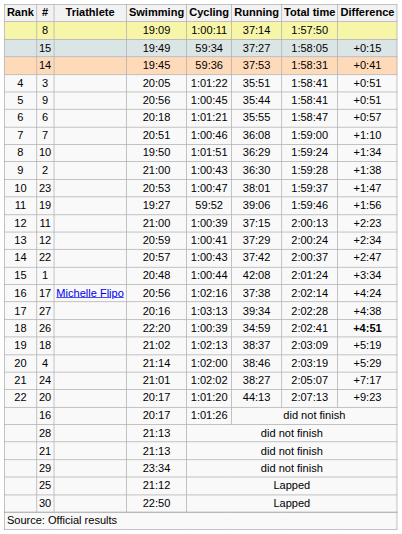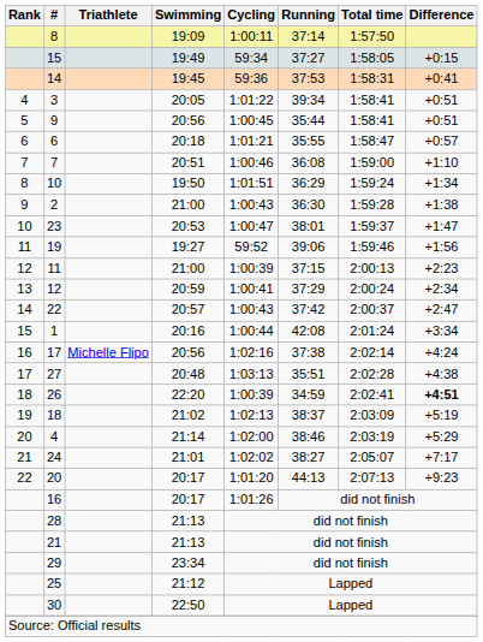 <table class="wikitable sortable" style="text-align:center">
 <tr>
 <th data-sort-type="number">Rank</th>
 <th>#</th>
 <th>Triathlete</th>
 <th>Swimming</th>
 <th>Cycling</th>
 <th>Running</th>
 <th>Total time</th>
 <th>Difference</th>
 </tr>
 <tr style="background:#F7F6A8;”">
 <td></td>
 <td>8</td>
 <td align=left></td>
 <td>19:09</td>
 <td>1:00:11</td>
 <td>37:14</td>
 <td>1:57:50</td>
 <td></td>
 </tr>
 <tr style="background:#DCE5E5;”">
 <td></td>
 <td>15</td>
 <td align=left></td>
 <td>19:49</td>
 <td>59:34</td>
 <td>37:27</td>
 <td>1:58:05</td>
 <td>+0:15</td>
 </tr>
 <tr style="background:#FFDAB9;">
 <td></td>
 <td>14</td>
 <td align=left></td>
 <td>19:45</td>
 <td>59:36</td>
 <td>37:53</td>
 <td>1:58:31</td>
 <td>+0:41</td>
 </tr>
 <tr>
 <td>4</td>
 <td>3</td>
 <td align=left></td>
 <td>20:05</td>
 <td>1:01:22</td>
-<td>35:51</td>
+<td>39:34</td>
 <td>1:58:41</td>
 <td>+0:51</td>
 </tr>
 <tr>
 <td>5</td>
 <td>9</td>
 <td align=left></td>
 <td>20:56</td>
 <td>1:00:45</td>
 <td>35:44</td>
 <td>1:58:41</td>
 <td>+0:51</td>
 </tr>
 <tr>
 <td>6</td>
 <td>6</td>
 <td align=left></td>
 <td>20:18</td>
 <td>1:01:21</td>
 <td>35:55</td>
 <td>1:58:47</td>
 <td>+0:57</td>
 </tr>
 <tr>
 <td>7</td>
 <td>7</td>
 <td align=left></td>
 <td>20:51</td>
 <td>1:00:46</td>
 <td>36:08</td>
 <td>1:59:00</td>
 <td>+1:10</td>
 </tr>
 <tr>
 <td>8</td>
 <td>10</td>
 <td align=left></td>
 <td>19:50</td>
 <td>1:01:51</td>
 <td>36:29</td>
 <td>1:59:24</td>
 <td>+1:34</td>
 </tr>
 <tr>
 <td>9</td>
 <td>2</td>
 <td align=left></td>
 <td>21:00</td>
 <td>1:00:43</td>
 <td>36:30</td>
 <td>1:59:28</td>
 <td>+1:38</td>
 </tr>
 <tr>
 <td>10</td>
 <td>23</td>
 <td align=left></td>
 <td>20:53</td>
 <td>1:00:47</td>
 <td>38:01</td>
 <td>1:59:37</td>
 <td>+1:47</td>
 </tr>
 <tr>
 <td>11</td>
 <td>19</td>
 <td align=left></td>
 <td>19:27</td>
 <td>59:52</td>
 <td>39:06</td>
 <td>1:59:46</td>
 <td>+1:56</td>
 </tr>
 <tr>
 <td>12</td>
 <td>11</td>
 <td align=left></td>
 <td>21:00</td>
 <td>1:00:39</td>
 <td>37:15</td>
 <td>2:00:13</td>
 <td>+2:23</td>
 </tr>
 <tr>
 <td>13</td>
 <td>12</td>
 <td align=left></td>
 <td>20:59</td>
 <td>1:00:41</td>
 <td>37:29</td>
 <td>2:00:24</td>
 <td>+2:34</td>
 </tr>
 <tr>
 <td>14</td>
 <td>22</td>
 <td align=left></td>
 <td>20:57</td>
 <td>1:00:43</td>
 <td>37:42</td>
 <td>2:00:37</td>
 <td>+2:47</td>
 </tr>
 <tr>
 <td>15</td>
 <td>1</td>
 <td align=left></td>
-<td>20:48</td>
+<td>20:16</td>
 <td>1:00:44</td>
 <td>42:08</td>
 <td>2:01:24</td>
 <td>+3:34</td>
 </tr>
 <tr>
 <td>16</td>
 <td>17</td>
 <td align=left><a href='#'>Michelle Flipo</a></td>
 <td>20:56</td>
 <td>1:02:16</td>
 <td>37:38</td>
 <td>2:02:14</td>
 <td>+4:24</td>
 </tr>
 <tr>
 <td>17</td>
 <td>27</td>
 <td align=left></td>
-<td>20:16</td>
+<td>20:48</td>
 <td>1:03:13</td>
-<td>39:34</td>
+<td>35:51</td>
 <td>2:02:28</td>
 <td>+4:38</td>
 </tr>
 <tr>
 <td>18</td>
 <td>26</td>
 <td align=left></td>
 <td>22:20</td>
 <td>1:00:39</td>
 <td>34:59</td>
 <td>2:02:41</td>
 <td><strong>+4:51</strong></td>
 </tr>
 <tr>
 <td>19</td>
 <td>18</td>
 <td align=left></td>
 <td>21:02</td>
 <td>1:02:13</td>
 <td>38:37</td>
 <td>2:03:09</td>
 <td>+5:19</td>
 </tr>
 <tr>
 <td>20</td>
 <td>4</td>
 <td align=left></td>
 <td>21:14</td>
 <td>1:02:00</td>
 <td>38:46</td>
 <td>2:03:19</td>
 <td>+5:29</td>
 </tr>
 <tr>
 <td>21</td>
 <td>24</td>
 <td align=left></td>
 <td>21:01</td>
 <td>1:02:02</td>
 <td>38:27</td>
 <td>2:05:07</td>
 <td>+7:17</td>
 </tr>
 <tr>
 <td>22</td>
 <td>20</td>
 <td align=left></td>
 <td>20:17</td>
 <td>1:01:20</td>
 <td>44:13</td>
 <td>2:07:13</td>
 <td>+9:23</td>
 </tr>
 <tr>
 <td></td>
 <td>16</td>
 <td align=left></td>
 <td>20:17</td>
 <td>1:01:26</td>
 <td colspan=4>did not finish</td>
 </tr>
 <tr>
 <td></td>
 <td>28</td>
 <td align=left></td>
 <td>21:13</td>
 <td colspan=4>did not finish</td>
 </tr>
 <tr>
 <td></td>
 <td>21</td>
 <td align=left></td>
 <td>21:13</td>
 <td colspan=4>did not finish</td>
 </tr>
 <tr>
 <td></td>
 <td>29</td>
 <td align=left></td>
 <td>23:34</td>
 <td colspan=4>did not finish</td>
 </tr>
 <tr>
 <td></td>
 <td>25</td>
 <td align=left></td>
 <td>21:12</td>
 <td colspan=4>Lapped</td>
 </tr>
 <tr>
 <td></td>
 <td>30</td>
 <td align=left></td>
 <td>22:50</td>
 <td colspan=4>Lapped</td>
 </tr>
 <tr>
 </tr>
 <tr class="sortbottom">
 <td colspan="9" style="text-align:left;">Source: Official results</td>
 </tr>
 </table>
